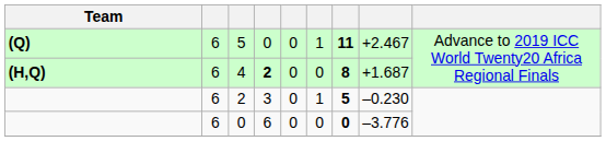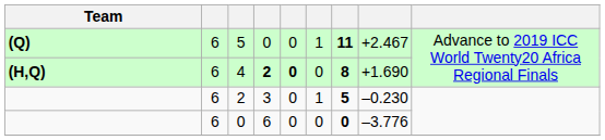 <table class="wikitable" style="text-align:center">
 <tr>
 <th width=200>Team</th>
 <th width=20></th>
 <th width=20></th>
 <th width=20></th>
 <th width=20></th>
 <th width=20></th>
 <th width=20></th>
 <th width=45></th>
 <th width=190></th>
 </tr>
 <tr style="background:#cfc">
 <td align="left"> <strong>(Q)</strong></td>
 <td>6</td>
 <td>5</td>
 <td>0</td>
 <td>0</td>
 <td>1</td>
 <td><strong>11</strong></td>
 <td>+2.467</td>
 <td rowspan=2>Advance to <a href='#'>2019 ICC World Twenty20 Africa Regional Finals</a></td>
 </tr>
 <tr style="background:#cfc">
 <td align="left"> <strong>(H,Q)</strong></td>
 <td>6</td>
 <td>4</td>
 <td><strong>2</strong></td>
-<td>0</td>
+<td><strong>0</strong></td>
 <td>0</td>
 <td><strong>8</strong></td>
-<td>+1.687</td>
+<td>+1.690</td>
 </tr>
 <tr>
 <td align="left"></td>
 <td>6</td>
 <td>2</td>
 <td>3</td>
 <td>0</td>
 <td>1</td>
 <td><strong>5</strong></td>
 <td>–0.230</td>
 <td rowspan=2></td>
 </tr>
 <tr>
 <td align="left"></td>
 <td>6</td>
 <td>0</td>
 <td>6</td>
 <td>0</td>
 <td>0</td>
 <td><strong>0</strong></td>
 <td>–3.776</td>
 </tr>
 <tr>
 </tr>
 </table>
